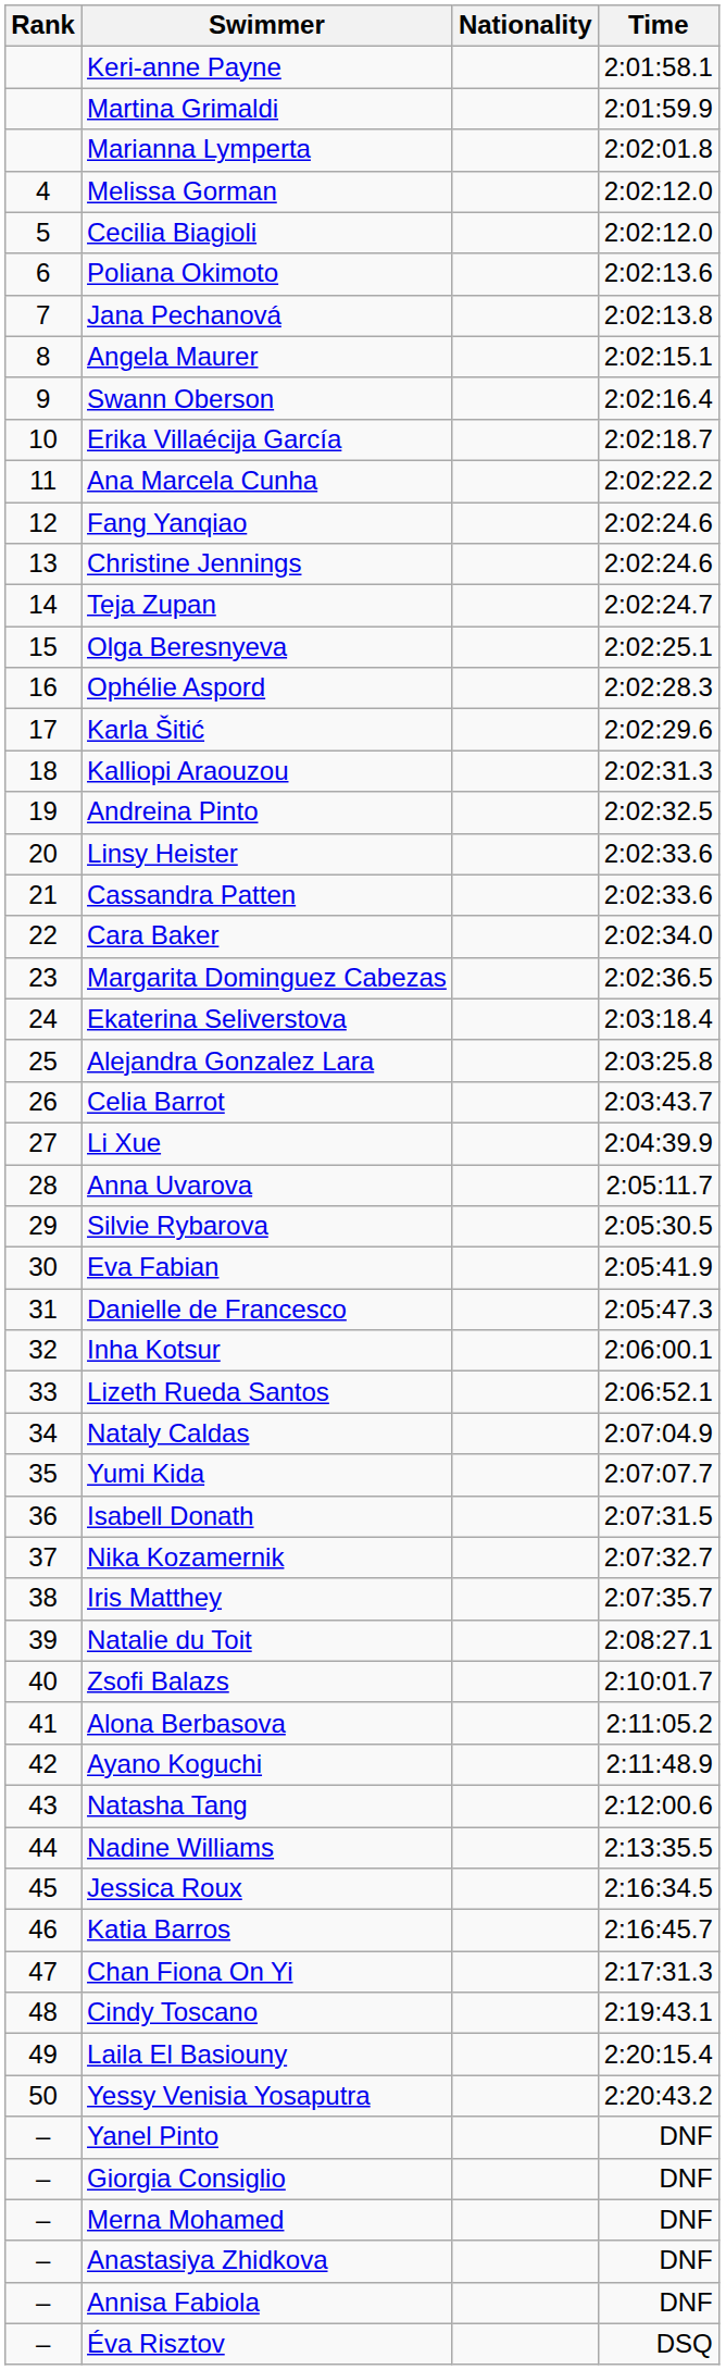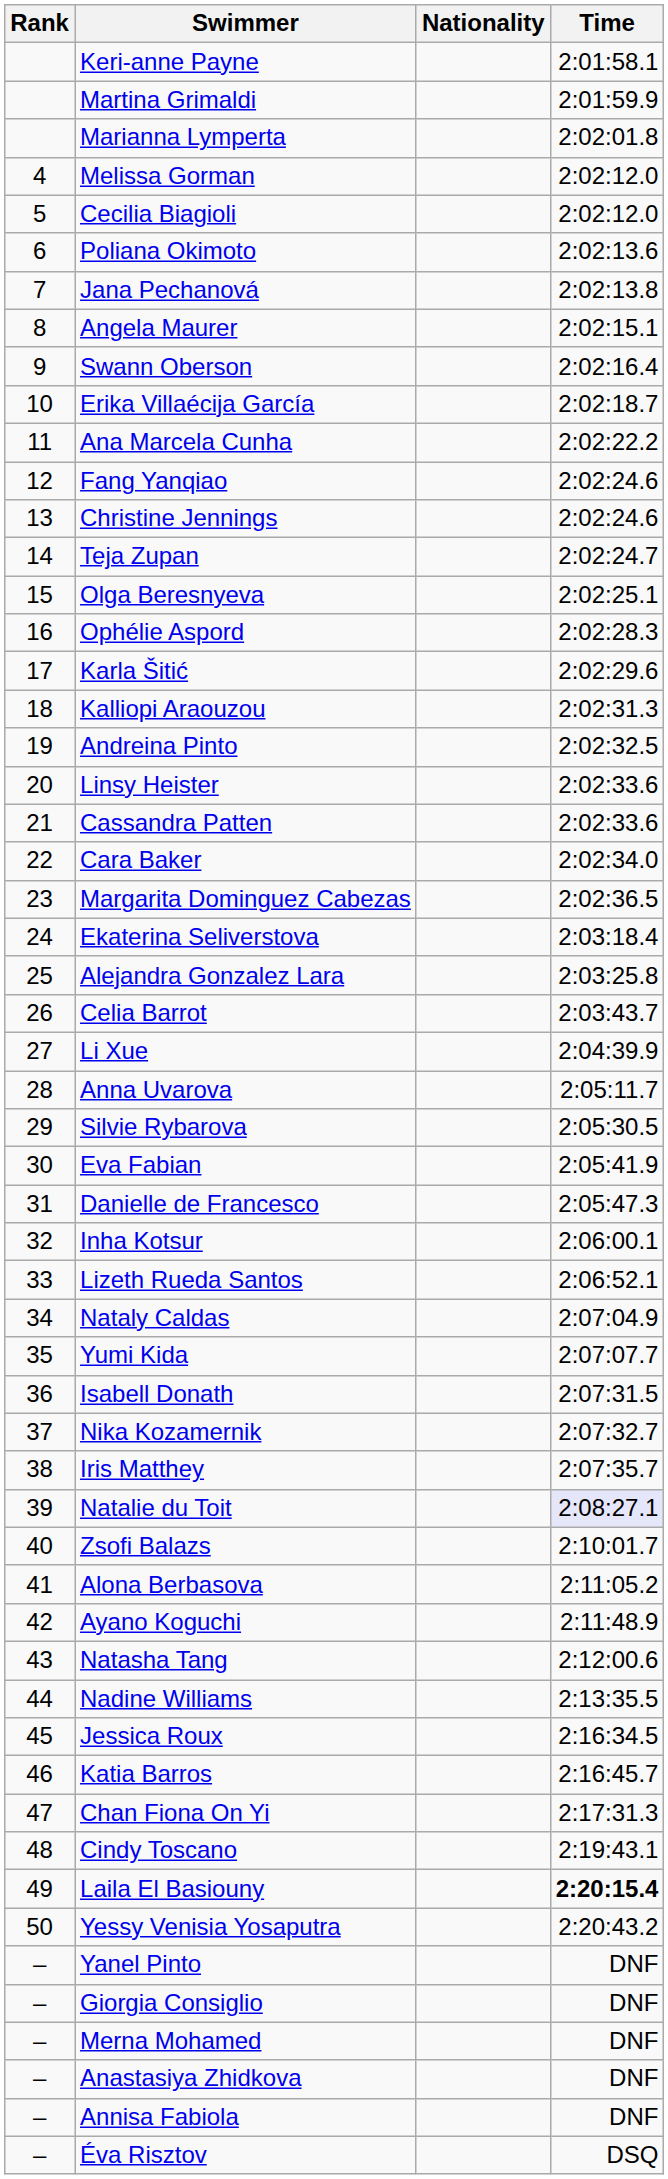 <table class="wikitable" border="1" style="text-align:center">
 <tr>
 <th>Rank</th>
 <th>Swimmer</th>
 <th>Nationality</th>
 <th>Time</th>
 </tr>
 <tr>
 <td></td>
 <td align=left><a href='#'>Keri-anne Payne</a></td>
 <td align=left></td>
 <td align=right>2:01:58.1</td>
 </tr>
 <tr>
 <td></td>
 <td align=left><a href='#'>Martina Grimaldi</a></td>
 <td align=left></td>
 <td align=right>2:01:59.9</td>
 </tr>
 <tr>
 <td></td>
 <td align=left><a href='#'>Marianna Lymperta</a></td>
 <td align=left></td>
 <td align=right>2:02:01.8</td>
 </tr>
 <tr>
 <td>4</td>
 <td align=left><a href='#'>Melissa Gorman</a></td>
 <td align=left></td>
 <td align=right>2:02:12.0</td>
 </tr>
 <tr>
 <td>5</td>
 <td align=left><a href='#'>Cecilia Biagioli</a></td>
 <td align=left></td>
 <td align=right>2:02:12.0</td>
 </tr>
 <tr>
 <td>6</td>
 <td align=left><a href='#'>Poliana Okimoto</a></td>
 <td align=left></td>
 <td align=right>2:02:13.6</td>
 </tr>
 <tr>
 <td>7</td>
 <td align=left><a href='#'>Jana Pechanová</a></td>
 <td align=left></td>
 <td align=right>2:02:13.8</td>
 </tr>
 <tr>
 <td>8</td>
 <td align=left><a href='#'>Angela Maurer</a></td>
 <td align=left></td>
 <td align=right>2:02:15.1</td>
 </tr>
 <tr>
 <td>9</td>
 <td align=left><a href='#'>Swann Oberson</a></td>
 <td align=left></td>
 <td align=right>2:02:16.4</td>
 </tr>
 <tr>
 <td>10</td>
 <td align=left><a href='#'>Erika Villaécija García</a></td>
 <td align=left></td>
 <td align=right>2:02:18.7</td>
 </tr>
 <tr>
 <td>11</td>
 <td align=left><a href='#'>Ana Marcela Cunha</a></td>
 <td align=left></td>
 <td align=right>2:02:22.2</td>
 </tr>
 <tr>
 <td>12</td>
 <td align=left><a href='#'>Fang Yanqiao</a></td>
 <td align=left></td>
 <td align=right>2:02:24.6</td>
 </tr>
 <tr>
 <td>13</td>
 <td align=left><a href='#'>Christine Jennings</a></td>
 <td align=left></td>
 <td align=right>2:02:24.6</td>
 </tr>
 <tr>
 <td>14</td>
 <td align=left><a href='#'>Teja Zupan</a></td>
 <td align=left></td>
 <td align=right>2:02:24.7</td>
 </tr>
 <tr>
 <td>15</td>
 <td align=left><a href='#'>Olga Beresnyeva</a></td>
 <td align=left></td>
 <td align=right>2:02:25.1</td>
 </tr>
 <tr>
 <td>16</td>
 <td align=left><a href='#'>Ophélie Aspord</a></td>
 <td align=left></td>
 <td align=right>2:02:28.3</td>
 </tr>
 <tr>
 <td>17</td>
 <td align=left><a href='#'>Karla Šitić</a></td>
 <td align=left></td>
 <td align=right>2:02:29.6</td>
 </tr>
 <tr>
 <td>18</td>
 <td align=left><a href='#'>Kalliopi Araouzou</a></td>
 <td align=left></td>
 <td align=right>2:02:31.3</td>
 </tr>
 <tr>
 <td>19</td>
 <td align=left><a href='#'>Andreina Pinto</a></td>
 <td align=left></td>
 <td align=right>2:02:32.5</td>
 </tr>
 <tr>
 <td>20</td>
 <td align=left><a href='#'>Linsy Heister</a></td>
 <td align=left></td>
 <td align=right>2:02:33.6</td>
 </tr>
 <tr>
 <td>21</td>
 <td align=left><a href='#'>Cassandra Patten</a></td>
 <td align=left></td>
 <td align=right>2:02:33.6</td>
 </tr>
 <tr>
 <td>22</td>
 <td align=left><a href='#'>Cara Baker</a></td>
 <td align=left></td>
 <td align=right>2:02:34.0</td>
 </tr>
 <tr>
 <td>23</td>
 <td align=left><a href='#'>Margarita Dominguez Cabezas</a></td>
 <td align=left></td>
 <td align=right>2:02:36.5</td>
 </tr>
 <tr>
 <td>24</td>
 <td align=left><a href='#'>Ekaterina Seliverstova</a></td>
 <td align=left></td>
 <td align=right>2:03:18.4</td>
 </tr>
 <tr>
 <td>25</td>
 <td align=left><a href='#'>Alejandra Gonzalez Lara</a></td>
 <td align=left></td>
 <td align=right>2:03:25.8</td>
 </tr>
 <tr>
 <td>26</td>
 <td align=left><a href='#'>Celia Barrot</a></td>
 <td align=left></td>
 <td align=right>2:03:43.7</td>
 </tr>
 <tr>
 <td>27</td>
 <td align=left><a href='#'>Li Xue</a></td>
 <td align=left></td>
 <td align=right>2:04:39.9</td>
 </tr>
 <tr>
 <td>28</td>
 <td align=left><a href='#'>Anna Uvarova</a></td>
 <td align=left></td>
 <td align=right>2:05:11.7</td>
 </tr>
 <tr>
 <td>29</td>
 <td align=left><a href='#'>Silvie Rybarova</a></td>
 <td align=left></td>
 <td align=right>2:05:30.5</td>
 </tr>
 <tr>
 <td>30</td>
 <td align=left><a href='#'>Eva Fabian</a></td>
 <td align=left></td>
 <td align=right>2:05:41.9</td>
 </tr>
 <tr>
 <td>31</td>
 <td align=left><a href='#'>Danielle de Francesco</a></td>
 <td align=left></td>
 <td align=right>2:05:47.3</td>
 </tr>
 <tr>
 <td>32</td>
 <td align=left><a href='#'>Inha Kotsur</a></td>
 <td align=left></td>
 <td align=right>2:06:00.1</td>
 </tr>
 <tr>
 <td>33</td>
 <td align=left><a href='#'>Lizeth Rueda Santos</a></td>
 <td align=left></td>
 <td align=right>2:06:52.1</td>
 </tr>
 <tr>
 <td>34</td>
 <td align=left><a href='#'>Nataly Caldas</a></td>
 <td align=left></td>
 <td align=right>2:07:04.9</td>
 </tr>
 <tr>
 <td>35</td>
 <td align=left><a href='#'>Yumi Kida</a></td>
 <td align=left></td>
 <td align=right>2:07:07.7</td>
 </tr>
 <tr>
 <td>36</td>
 <td align=left><a href='#'>Isabell Donath</a></td>
 <td align=left></td>
 <td align=right>2:07:31.5</td>
 </tr>
 <tr>
 <td>37</td>
 <td align=left><a href='#'>Nika Kozamernik</a></td>
 <td align=left></td>
 <td align=right>2:07:32.7</td>
 </tr>
 <tr>
 <td>38</td>
 <td align=left><a href='#'>Iris Matthey</a></td>
 <td align=left></td>
 <td align=right>2:07:35.7</td>
 </tr>
 <tr>
 <td>39</td>
 <td align=left><a href='#'>Natalie du Toit</a></td>
 <td align=left></td>
-<td align=right>2:08:27.1</td>
+<td align=right style="background: lavender;">2:08:27.1</td>
 </tr>
 <tr>
 <td>40</td>
 <td align=left><a href='#'>Zsofi Balazs</a></td>
 <td align=left></td>
 <td align=right>2:10:01.7</td>
 </tr>
 <tr>
 <td>41</td>
 <td align=left><a href='#'>Alona Berbasova</a></td>
 <td align=left></td>
 <td align=right>2:11:05.2</td>
 </tr>
 <tr>
 <td>42</td>
 <td align=left><a href='#'>Ayano Koguchi</a></td>
 <td align=left></td>
 <td align=right>2:11:48.9</td>
 </tr>
 <tr>
 <td>43</td>
 <td align=left><a href='#'>Natasha Tang</a></td>
 <td align=left></td>
 <td align=right>2:12:00.6</td>
 </tr>
 <tr>
 <td>44</td>
 <td align=left><a href='#'>Nadine Williams</a></td>
 <td align=left></td>
 <td align=right>2:13:35.5</td>
 </tr>
 <tr>
 <td>45</td>
 <td align=left><a href='#'>Jessica Roux</a></td>
 <td align=left></td>
 <td align=right>2:16:34.5</td>
 </tr>
 <tr>
 <td>46</td>
 <td align=left><a href='#'>Katia Barros</a></td>
 <td align=left></td>
 <td align=right>2:16:45.7</td>
 </tr>
 <tr>
 <td>47</td>
 <td align=left><a href='#'>Chan Fiona On Yi</a></td>
 <td align=left></td>
 <td align=right>2:17:31.3</td>
 </tr>
 <tr>
 <td>48</td>
 <td align=left><a href='#'>Cindy Toscano</a></td>
 <td align=left></td>
 <td align=right>2:19:43.1</td>
 </tr>
 <tr>
 <td>49</td>
 <td align=left><a href='#'>Laila El Basiouny</a></td>
 <td align=left></td>
-<td align=right>2:20:15.4</td>
+<td align=right><strong>2:20:15.4</strong></td>
 </tr>
 <tr>
 <td>50</td>
 <td align=left><a href='#'>Yessy Venisia Yosaputra</a></td>
 <td align=left></td>
 <td align=right>2:20:43.2</td>
 </tr>
 <tr>
 <td>–</td>
 <td align=left><a href='#'>Yanel Pinto</a></td>
 <td align=left></td>
 <td align=right>DNF</td>
 </tr>
 <tr>
 <td>–</td>
 <td align=left><a href='#'>Giorgia Consiglio</a></td>
 <td align=left></td>
 <td align=right>DNF</td>
 </tr>
 <tr>
 <td>–</td>
 <td align=left><a href='#'>Merna Mohamed</a></td>
 <td align=left></td>
 <td align=right>DNF</td>
 </tr>
 <tr>
 <td>–</td>
 <td align=left><a href='#'>Anastasiya Zhidkova</a></td>
 <td align=left></td>
 <td align=right>DNF</td>
 </tr>
 <tr>
 <td>–</td>
 <td align=left><a href='#'>Annisa Fabiola</a></td>
 <td align=left></td>
 <td align=right>DNF</td>
 </tr>
 <tr>
 <td>–</td>
 <td align=left><a href='#'>Éva Risztov</a></td>
 <td align=left></td>
 <td align=right>DSQ</td>
 </tr>
 </table>
